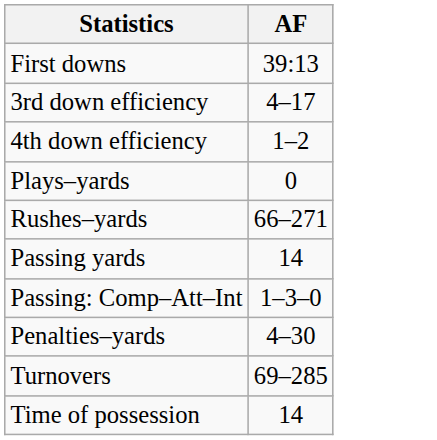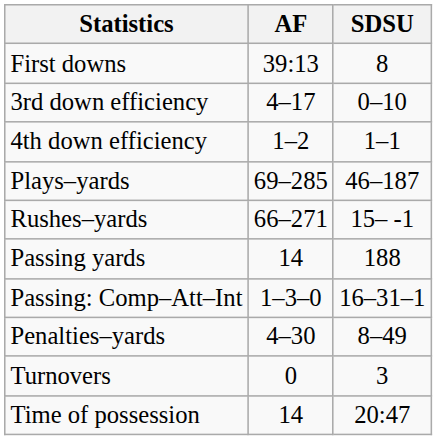 <table class="wikitable">
 <tr>
 <th>Statistics</th>
 <th>AF</th>
+<th>SDSU</th>
 </tr>
 <tr>
 <td>First downs</td>
 <td align=center>39:13</td>
+<td align=center>8</td>
 </tr>
 <tr>
 <td>3rd down efficiency</td>
 <td align=center>4–17</td>
+<td align=center>0–10</td>
 </tr>
 <tr>
 <td>4th down efficiency</td>
 <td align=center>1–2</td>
+<td align=center>1–1</td>
 </tr>
 <tr>
 <td>Plays–yards</td>
-<td align=center>0</td>
+<td align=center>69–285</td>
+<td align=center>46–187</td>
 </tr>
 <tr>
 <td>Rushes–yards</td>
 <td align=center>66–271</td>
+<td align=center>15– -1</td>
 </tr>
 <tr>
 <td>Passing yards</td>
 <td align=center>14</td>
+<td align=center>188</td>
 </tr>
 <tr>
 <td>Passing: Comp–Att–Int</td>
 <td align=center>1–3–0</td>
+<td align=center>16–31–1</td>
 </tr>
 <tr>
 <td>Penalties–yards</td>
 <td align=center>4–30</td>
+<td align=center>8–49</td>
 </tr>
 <tr>
 <td>Turnovers</td>
-<td align=center>69–285</td>
+<td align=center>0</td>
+<td align=center>3</td>
 </tr>
 <tr>
 <td>Time of possession</td>
 <td align=center>14</td>
+<td align=center>20:47</td>
 </tr>
 </table>
